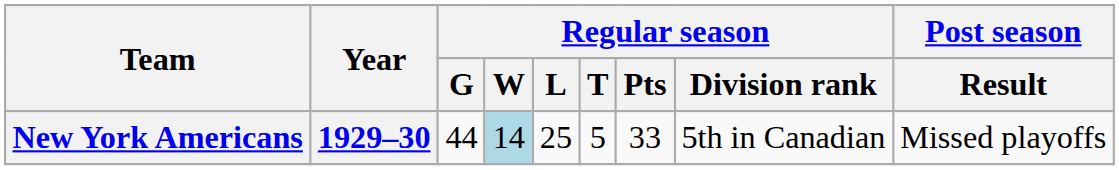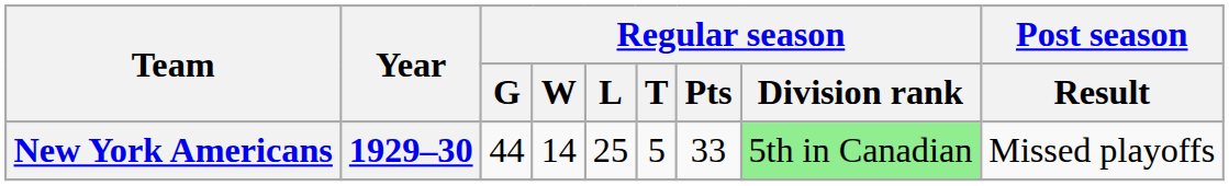 <table class="wikitable" style="font-size: 95%; text-align:center;">
 <tr>
 <th rowspan="2">Team</th>
 <th rowspan="2">Year</th>
 <th colspan="6"><a href='#'>Regular season</a></th>
 <th colspan="1"><a href='#'>Post season</a></th>
 </tr>
 <tr>
 <th>G</th>
 <th>W</th>
 <th>L</th>
 <th>T</th>
 <th>Pts</th>
 <th>Division rank</th>
 <th>Result</th>
 </tr>
 <tr>
 <th><a href='#'>New York Americans</a></th>
 <th><a href='#'>1929–30</a></th>
 <td>44</td>
-<td style="background: lightblue;">14</td>
+<td>14</td>
 <td>25</td>
 <td>5</td>
 <td>33</td>
-<td>5th in Canadian</td>
+<td style="background: lightgreen;">5th in Canadian</td>
 <td>Missed playoffs</td>
 </tr>
 <tr>
 </tr>
 </table>
